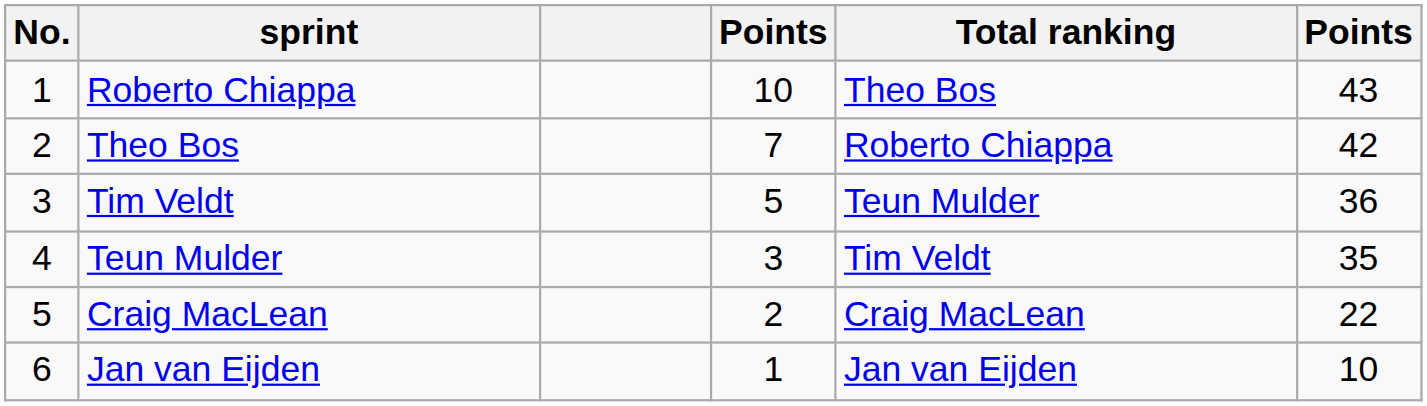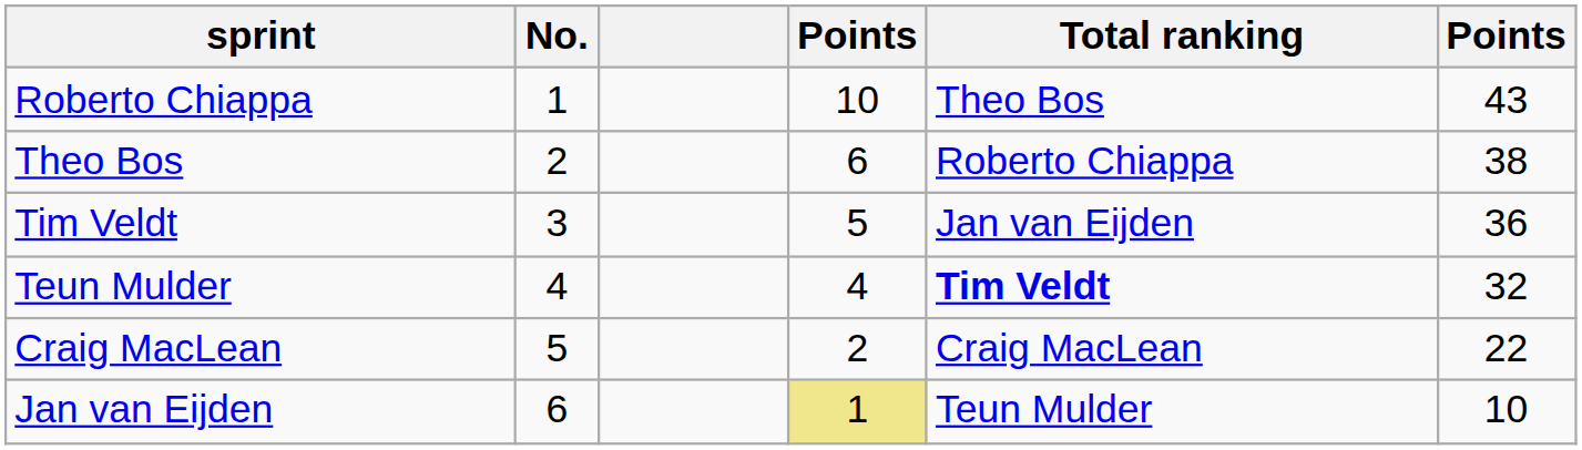 <table class="wikitable">
 <tr>
+<th width="200px">sprint</th>
 <th width="20px">No.</th>
-<th width="200px">sprint</th>
 <th width="70px"></th>
 <th width="40px">Points</th>
 <th width="200px">Total ranking</th>
 <th width="40px">Points</th>
 </tr>
 <tr align=center>
+<td align=left> <a href='#'>Roberto Chiappa</a></td>
 <td>1</td>
-<td align=left> <a href='#'>Roberto Chiappa</a></td>
 <td></td>
 <td>10</td>
 <td align=left> <a href='#'>Theo Bos</a></td>
 <td>43</td>
 </tr>
 <tr align=center>
+<td align=left> <a href='#'>Theo Bos</a></td>
 <td>2</td>
-<td align=left> <a href='#'>Theo Bos</a></td>
 <td></td>
-<td>7</td>
+<td>6</td>
 <td align=left> <a href='#'>Roberto Chiappa</a></td>
-<td>42</td>
+<td>38</td>
 </tr>
 <tr align=center>
+<td align=left> <a href='#'>Tim Veldt</a></td>
 <td>3</td>
-<td align=left> <a href='#'>Tim Veldt</a></td>
 <td></td>
 <td>5</td>
-<td align=left> <a href='#'>Teun Mulder</a></td>
+<td align=left> <a href='#'>Jan van Eijden</a></td>
 <td>36</td>
 </tr>
 <tr align=center>
+<td align=left> <a href='#'>Teun Mulder</a></td>
 <td>4</td>
-<td align=left> <a href='#'>Teun Mulder</a></td>
 <td></td>
-<td>3</td>
-<td align=left> <a href='#'>Tim Veldt</a></td>
-<td>35</td>
+<td>4</td>
+<td align=left><strong> <a href='#'>Tim Veldt</a></strong></td>
+<td>32</td>
 </tr>
 <tr align=center>
+<td align=left> <a href='#'>Craig MacLean</a></td>
 <td>5</td>
-<td align=left> <a href='#'>Craig MacLean</a></td>
 <td></td>
 <td>2</td>
 <td align=left> <a href='#'>Craig MacLean</a></td>
 <td>22</td>
 </tr>
 <tr align=center>
+<td align=left> <a href='#'>Jan van Eijden</a></td>
 <td>6</td>
-<td align=left> <a href='#'>Jan van Eijden</a></td>
 <td></td>
-<td>1</td>
-<td align=left> <a href='#'>Jan van Eijden</a></td>
+<td style="background: khaki;">1</td>
+<td align=left> <a href='#'>Teun Mulder</a></td>
 <td>10</td>
 </tr>
 </table>
